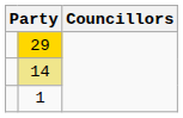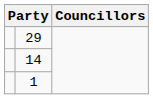 <table class="wikitable">
 <tr>
 <th colspan="2">Party</th>
 <th>Councillors</th>
 </tr>
 <tr>
 <td></td>
-<td style="background: gold; text-align:center;">29</td>
+<td style="text-align:center;">29</td>
 </tr>
 <tr>
 <td></td>
-<td style="background: khaki; text-align:center;">14</td>
+<td style="text-align:center;">14</td>
 </tr>
 <tr>
 <td></td>
 <td style="text-align:center;">1</td>
 </tr>
 </table>
